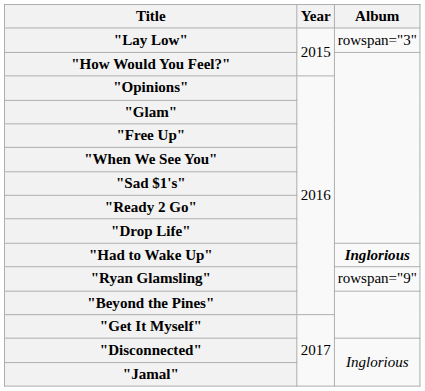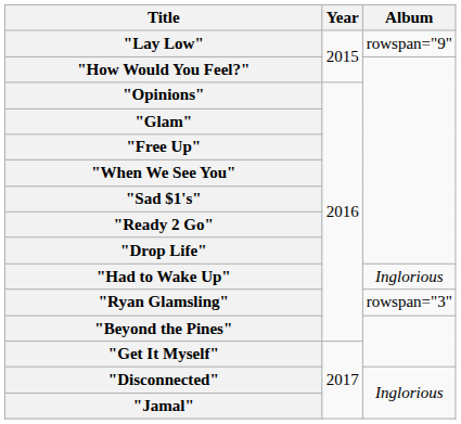 <table class="wikitable plainrowheaders" style="text-align:center;">
 <tr>
 <th scope="col" style="width:19em;">Title</th>
 <th scope="col">Year</th>
 <th scope="col">Album</th>
 </tr>
 <tr>
 <th scope="row">"Lay Low"</th>
 <td rowspan="2">2015</td>
-<td>rowspan="3" </td>
+<td>rowspan="9" </td>
 </tr>
 <tr>
 <th scope="row">"How Would You Feel?"</th>
 </tr>
 <tr>
 <th scope="row">"Opinions"</th>
 <td rowspan="10">2016</td>
 </tr>
 <tr>
 <th scope="row">"Glam"</th>
 </tr>
 <tr>
 <th scope="row">"Free Up"</th>
 </tr>
 <tr>
 <th scope="row">"When We See You"</th>
 </tr>
 <tr>
 <th scope="row">"Sad $1's"</th>
 </tr>
 <tr>
 <th scope="row">"Ready 2 Go"</th>
 </tr>
 <tr>
 <th scope="row">"Drop Life"</th>
 </tr>
 <tr>
 <th scope="row">"Had to Wake Up"</th>
-<td><strong><em>Inglorious</em></strong></td>
+<td><em>Inglorious</em></td>
 </tr>
 <tr>
 <th scope="row">"Ryan Glamsling"</th>
-<td>rowspan="9" </td>
+<td>rowspan="3" </td>
 </tr>
 <tr>
 <th scope="row">"Beyond the Pines"</th>
 </tr>
 <tr>
 <th scope="row">"Get It Myself"</th>
 <td rowspan="6">2017</td>
 </tr>
 <tr>
 <th scope="row">"Disconnected"</th>
 <td rowspan="2"><em>Inglorious</em></td>
 </tr>
 <tr>
 <th scope="row">"Jamal"</th>
 </tr>
 </table>
